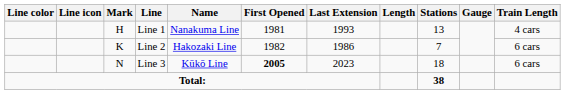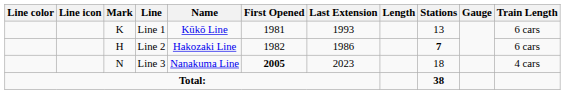 <table class="wikitable sortable" style=margin:auto;font-align:center;text-align:center>
 <tr>
 <th>Line color</th>
 <th>Line icon</th>
 <th>Mark</th>
 <th>Line</th>
 <th>Name</th>
 <th>First Opened</th>
 <th>Last Extension</th>
 <th>Length</th>
 <th>Stations</th>
 <th>Gauge</th>
 <th>Train Length</th>
 </tr>
 <tr>
 <td style="background:#"></td>
 <td style="text-align:center;"></td>
-<td style="text-align:center;">H</td>
+<td style="text-align:center;">K</td>
 <td>Line 1</td>
-<td><a href='#'>Nanakuma Line</a></td>
+<td><a href='#'>Kūkō Line</a></td>
 <td>1981</td>
 <td>1993</td>
 <td></td>
 <td style="text-align:center;">13</td>
 <td rowspan="2"></td>
-<td>4 cars</td>
+<td>6 cars</td>
 </tr>
 <tr>
 <td style="background:#"></td>
 <td style="text-align:center;"></td>
-<td style="text-align:center;">K</td>
+<td style="text-align:center;">H</td>
 <td>Line 2</td>
 <td><a href='#'>Hakozaki Line</a></td>
 <td>1982</td>
 <td>1986</td>
 <td></td>
-<td style="text-align:center;">7</td>
+<td style="text-align:center;"><strong>7</strong></td>
 <td>6 cars</td>
 </tr>
 <tr>
 <td style="background:#"></td>
 <td style="text-align:center;"></td>
 <td style="text-align:center;">N</td>
 <td>Line 3</td>
-<td><a href='#'>Kūkō Line</a></td>
+<td><a href='#'>Nanakuma Line</a></td>
 <td><strong>2005</strong></td>
 <td>2023</td>
 <td></td>
 <td style="text-align:center;">18</td>
 <td></td>
-<td>6 cars</td>
+<td>4 cars</td>
 </tr>
 <tr>
 <td colspan="7" style="text-align:center;"><strong>Total:</strong></td>
 <td style="text-align:center;"><strong></strong></td>
 <td style="text-align:center;"><strong>38</strong></td>
 <td></td>
 <td></td>
 </tr>
 </table>
